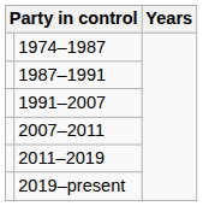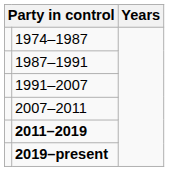 <table class="wikitable">
 <tr>
 <th colspan=2>Party in control</th>
 <th>Years</th>
 </tr>
 <tr>
 <td></td>
 <td>1974–1987</td>
 </tr>
 <tr>
 <td></td>
 <td>1987–1991</td>
 </tr>
 <tr>
 <td></td>
 <td>1991–2007</td>
 </tr>
 <tr>
 <td></td>
 <td>2007–2011</td>
 </tr>
 <tr>
 <td></td>
-<td>2011–2019</td>
+<td><strong>2011–2019</strong></td>
 </tr>
 <tr>
 <td></td>
-<td>2019–present</td>
+<td><strong>2019–present</strong></td>
 </tr>
 </table>
